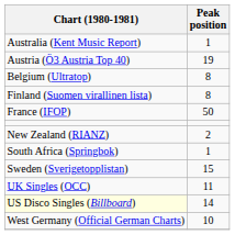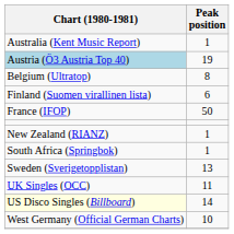 <table class="wikitable sortable">
 <tr>
 <th>Chart (1980-1981)</th>
 <th>Peak<br>position</th>
 </tr>
 <tr>
 <td>Australia (<a href='#'>Kent Music Report</a>)</td>
 <td style="text-align:center;">1</td>
 </tr>
 <tr>
-<td>Austria (<a href='#'>Ö3 Austria Top 40</a>)</td>
+<td style="background: lightblue;">Austria (<a href='#'>Ö3 Austria Top 40</a>)</td>
 <td style="text-align:center;">19</td>
 </tr>
 <tr>
 <td>Belgium (<a href='#'>Ultratop</a>)</td>
 <td style="text-align:center;">8</td>
 </tr>
 <tr>
 <td>Finland (<a href='#'>Suomen virallinen lista</a>)</td>
-<td style="text-align:center;">8</td>
+<td style="text-align:center;">6</td>
 </tr>
 <tr>
 <td>France (<a href='#'>IFOP</a>)</td>
 <td style="text-align:center;">50</td>
 </tr>
 <tr>
 <td></td>
 </tr>
 <tr>
 <td>New Zealand (<a href='#'>RIANZ</a>)</td>
-<td style="text-align:center;">2</td>
+<td style="text-align:center;">1</td>
 </tr>
 <tr>
 <td>South Africa (<a href='#'>Springbok</a>)</td>
 <td align="center">1</td>
 </tr>
 <tr>
 <td>Sweden (<a href='#'>Sverigetopplistan</a>)</td>
-<td style="text-align:center;">15</td>
+<td style="text-align:center;">13</td>
 </tr>
 <tr>
 <td><a href='#'>UK Singles</a> (<a href='#'>OCC</a>)</td>
 <td style="text-align:center;">11</td>
 </tr>
 <tr>
 <td style="background: lightyellow;">US Disco Singles (<em><a href='#'>Billboard</a></em>)</td>
 <td style="text-align:center;">14</td>
 </tr>
 <tr>
 <td>West Germany (<a href='#'>Official German Charts</a>)</td>
 <td style="text-align:center;">10</td>
 </tr>
 <tr>
 </tr>
 </table>
